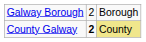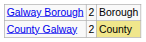 <table class="wikitable sortable">
 <tr>
 <td><a href='#'>Galway Borough</a></td>
 <td align="center">2</td>
 <td>Borough</td>
 </tr>
 <tr>
 <td><a href='#'>County Galway</a></td>
-<td align="center"><strong>2</strong></td>
+<td align="center">2</td>
 <td style="background: khaki;">County</td>
 </tr>
 </table>
